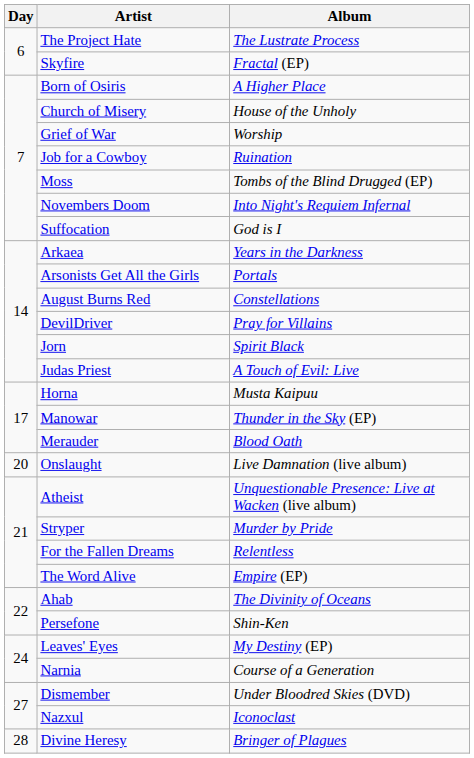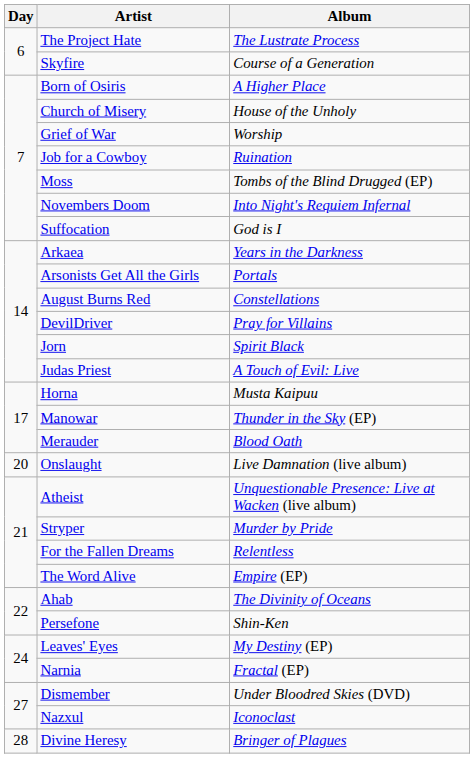 <table class="wikitable">
 <tr>
 <th>Day</th>
 <th style="width:200px;">Artist</th>
 <th style="width:250px;">Album</th>
 </tr>
 <tr>
 <td style="text-align:center;" rowspan="2">6</td>
 <td><a href='#'>The Project Hate</a></td>
 <td><em><a href='#'>The Lustrate Process</a></em></td>
 </tr>
 <tr>
 <td><a href='#'>Skyfire</a></td>
-<td><em><a href='#'>Fractal</a></em> (EP)</td>
+<td><em>Course of a Generation</em></td>
 </tr>
 <tr>
 <td style="text-align:center;" rowspan="7">7</td>
 <td><a href='#'>Born of Osiris</a></td>
 <td><em><a href='#'>A Higher Place</a></em></td>
 </tr>
 <tr>
 <td><a href='#'>Church of Misery</a></td>
 <td><em>House of the Unholy</em></td>
 </tr>
 <tr>
 <td><a href='#'>Grief of War</a></td>
 <td><em>Worship</em></td>
 </tr>
 <tr>
 <td><a href='#'>Job for a Cowboy</a></td>
 <td><em><a href='#'>Ruination</a></em></td>
 </tr>
 <tr>
 <td><a href='#'>Moss</a></td>
 <td><em>Tombs of the Blind Drugged</em> (EP)</td>
 </tr>
 <tr>
 <td><a href='#'>Novembers Doom</a></td>
 <td><em><a href='#'>Into Night's Requiem Infernal</a></em></td>
 </tr>
 <tr>
 <td><a href='#'>Suffocation</a></td>
 <td><em>God is I</em></td>
 </tr>
 <tr>
 <td style="text-align:center;" rowspan="6">14</td>
 <td><a href='#'>Arkaea</a></td>
 <td><em><a href='#'>Years in the Darkness</a></em></td>
 </tr>
 <tr>
 <td><a href='#'>Arsonists Get All the Girls</a></td>
 <td><em><a href='#'>Portals</a></em></td>
 </tr>
 <tr>
 <td><a href='#'>August Burns Red</a></td>
 <td><em><a href='#'>Constellations</a></em></td>
 </tr>
 <tr>
 <td><a href='#'>DevilDriver</a></td>
 <td><em><a href='#'>Pray for Villains</a></em></td>
 </tr>
 <tr>
 <td><a href='#'>Jorn</a></td>
 <td><em><a href='#'>Spirit Black</a></em></td>
 </tr>
 <tr>
 <td><a href='#'>Judas Priest</a></td>
 <td><em><a href='#'>A Touch of Evil: Live</a></em></td>
 </tr>
 <tr>
 <td style="text-align:center;" rowspan="3">17</td>
 <td><a href='#'>Horna</a></td>
 <td><em>Musta Kaipuu</em></td>
 </tr>
 <tr>
 <td><a href='#'>Manowar</a></td>
 <td><em><a href='#'>Thunder in the Sky</a></em> (EP)</td>
 </tr>
 <tr>
 <td><a href='#'>Merauder</a></td>
 <td><em><a href='#'>Blood Oath</a></em></td>
 </tr>
 <tr>
 <td style="text-align:center;">20</td>
 <td><a href='#'>Onslaught</a></td>
 <td><em>Live Damnation</em> (live album)</td>
 </tr>
 <tr>
 <td style="text-align:center;" rowspan="4">21</td>
 <td><a href='#'>Atheist</a></td>
 <td><em><a href='#'>Unquestionable Presence: Live at Wacken</a></em> (live album)</td>
 </tr>
 <tr>
 <td><a href='#'>Stryper</a></td>
 <td><em><a href='#'>Murder by Pride</a></em></td>
 </tr>
 <tr>
 <td><a href='#'>For the Fallen Dreams</a></td>
 <td><em><a href='#'>Relentless</a></em></td>
 </tr>
 <tr>
 <td><a href='#'>The Word Alive</a></td>
 <td><em><a href='#'>Empire</a></em> (EP)</td>
 </tr>
 <tr>
 <td style="text-align:center;" rowspan="2">22</td>
 <td><a href='#'>Ahab</a></td>
 <td><em><a href='#'>The Divinity of Oceans</a></em></td>
 </tr>
 <tr>
 <td><a href='#'>Persefone</a></td>
 <td><em>Shin-Ken</em></td>
 </tr>
 <tr>
 <td style="text-align:center;" rowspan="2">24</td>
 <td><a href='#'>Leaves' Eyes</a></td>
 <td><em><a href='#'>My Destiny</a></em> (EP)</td>
 </tr>
 <tr>
 <td><a href='#'>Narnia</a></td>
-<td><em>Course of a Generation</em></td>
+<td><em><a href='#'>Fractal</a></em> (EP)</td>
 </tr>
 <tr>
 <td style="text-align:center;" rowspan="2">27</td>
 <td><a href='#'>Dismember</a></td>
 <td><em>Under Bloodred Skies</em> (DVD)</td>
 </tr>
 <tr>
 <td><a href='#'>Nazxul</a></td>
 <td><em><a href='#'>Iconoclast</a></em></td>
 </tr>
 <tr>
 <td style="text-align:center;">28</td>
 <td><a href='#'>Divine Heresy</a></td>
 <td><em><a href='#'>Bringer of Plagues</a></em></td>
 </tr>
 </table>
